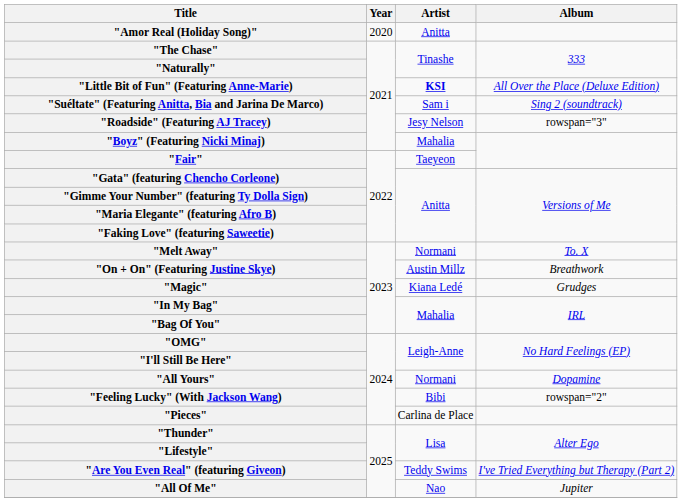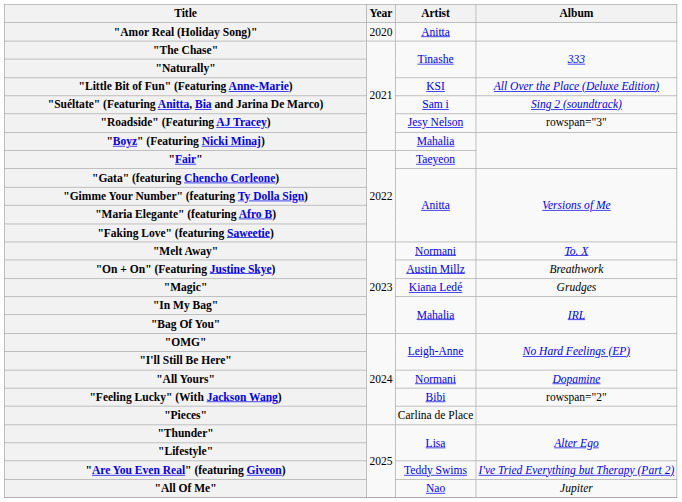 <table class="wikitable plainrowheaders" style="text-align:center;">
 <tr>
 <th scope="col" style="width:31em;">Title</th>
 <th scope="col">Year</th>
 <th scope="col">Artist</th>
 <th scope="col">Album</th>
 </tr>
 <tr>
 <th scope="row">"Amor Real (Holiday Song)"</th>
 <td>2020</td>
 <td><a href='#'>Anitta</a></td>
 <td></td>
 </tr>
 <tr>
 <th scope="row">"The Chase"</th>
 <td rowspan="6">2021</td>
 <td rowspan="2"><a href='#'>Tinashe</a></td>
 <td rowspan="2"><em><a href='#'>333</a></em></td>
 </tr>
 <tr>
 <th scope="row">"Naturally"</th>
 </tr>
 <tr>
 <th scope="row">"Little Bit of Fun" (Featuring <a href='#'>Anne-Marie</a>)</th>
-<td><strong><a href='#'>KSI</a></strong></td>
+<td><a href='#'>KSI</a></td>
 <td><em><a href='#'>All Over the Place (Deluxe Edition)</a></em></td>
 </tr>
 <tr>
 <th scope="row">"Suéltate" (Featuring <a href='#'>Anitta</a>, <a href='#'>Bia</a> and Jarina De Marco)</th>
 <td><a href='#'>Sam i</a></td>
 <td><em><a href='#'>Sing 2 (soundtrack)</a></em></td>
 </tr>
 <tr>
 <th scope="row">"Roadside" (Featuring <a href='#'>AJ Tracey</a>)</th>
 <td><a href='#'>Jesy Nelson</a></td>
 <td>rowspan="3" </td>
 </tr>
 <tr>
 <th scope="row">"<a href='#'>Boyz</a>" (Featuring <a href='#'>Nicki Minaj</a>)</th>
 <td><a href='#'>Mahalia</a></td>
 </tr>
 <tr>
 <th scope="row">"<a href='#'>Fair</a>"</th>
 <td rowspan="5">2022</td>
 <td><a href='#'>Taeyeon</a></td>
 </tr>
 <tr>
 <th scope="row">"Gata" (featuring <a href='#'>Chencho Corleone</a>)</th>
 <td rowspan="4"><a href='#'>Anitta</a></td>
 <td rowspan="4"><em><a href='#'>Versions of Me</a></em></td>
 </tr>
 <tr>
 <th scope="row">"Gimme Your Number" (featuring <a href='#'>Ty Dolla Sign</a>)</th>
 </tr>
 <tr>
 <th scope="row">"Maria Elegante" (featuring <a href='#'>Afro B</a>)</th>
 </tr>
 <tr>
 <th scope="row">"Faking Love" (featuring <a href='#'>Saweetie</a>)</th>
 </tr>
 <tr>
 <th scope="row">"Melt Away"</th>
 <td rowspan="5">2023</td>
 <td><a href='#'>Normani</a></td>
 <td><em><a href='#'>To. X</a></em></td>
 </tr>
 <tr>
 <th scope="row">"On + On" (Featuring <a href='#'>Justine Skye</a>)</th>
 <td><a href='#'>Austin Millz</a></td>
 <td><em>Breathwork</em></td>
 </tr>
 <tr>
 <th scope="row">"Magic"</th>
 <td><a href='#'>Kiana Ledé</a></td>
 <td><em>Grudges</em></td>
 </tr>
 <tr>
 <th scope="row">"In My Bag"</th>
 <td rowspan="2"><a href='#'>Mahalia</a></td>
 <td rowspan="2"><em><a href='#'>IRL</a></em></td>
 </tr>
 <tr>
 <th scope="row">"Bag Of You"</th>
 </tr>
 <tr>
 <th scope="row">"OMG"</th>
 <td rowspan="5">2024</td>
 <td rowspan="2"><a href='#'>Leigh-Anne</a></td>
 <td rowspan="2"><em><a href='#'>No Hard Feelings (EP)</a></em></td>
 </tr>
 <tr>
 <th scope="row">"I'll Still Be Here"</th>
 </tr>
 <tr>
 <th scope="row">"All Yours"</th>
 <td><a href='#'>Normani</a></td>
 <td><em><a href='#'>Dopamine</a></em></td>
 </tr>
 <tr>
 <th scope="row">"Feeling Lucky" (With <a href='#'>Jackson Wang</a>)</th>
 <td><a href='#'>Bibi</a></td>
 <td>rowspan="2" </td>
 </tr>
 <tr>
 <th scope="row">"Pieces"</th>
 <td>Carlina de Place</td>
 </tr>
 <tr>
 <th scope="row">"Thunder"</th>
 <td rowspan="4">2025</td>
 <td rowspan="2"><a href='#'>Lisa</a></td>
 <td rowspan="2"><em><a href='#'>Alter Ego</a></em></td>
 </tr>
 <tr>
 <th scope="row">"Lifestyle"</th>
 </tr>
 <tr>
 <th scope="row">"<a href='#'>Are You Even Real</a>" (featuring <a href='#'>Giveon</a>)</th>
 <td><a href='#'>Teddy Swims</a></td>
 <td><em><a href='#'>I've Tried Everything but Therapy (Part 2)</a></em></td>
 </tr>
 <tr>
 <th scope="row">"All Of Me"</th>
 <td><a href='#'>Nao</a></td>
 <td><em>Jupiter</em></td>
 </tr>
 <tr>
 </tr>
 </table>
